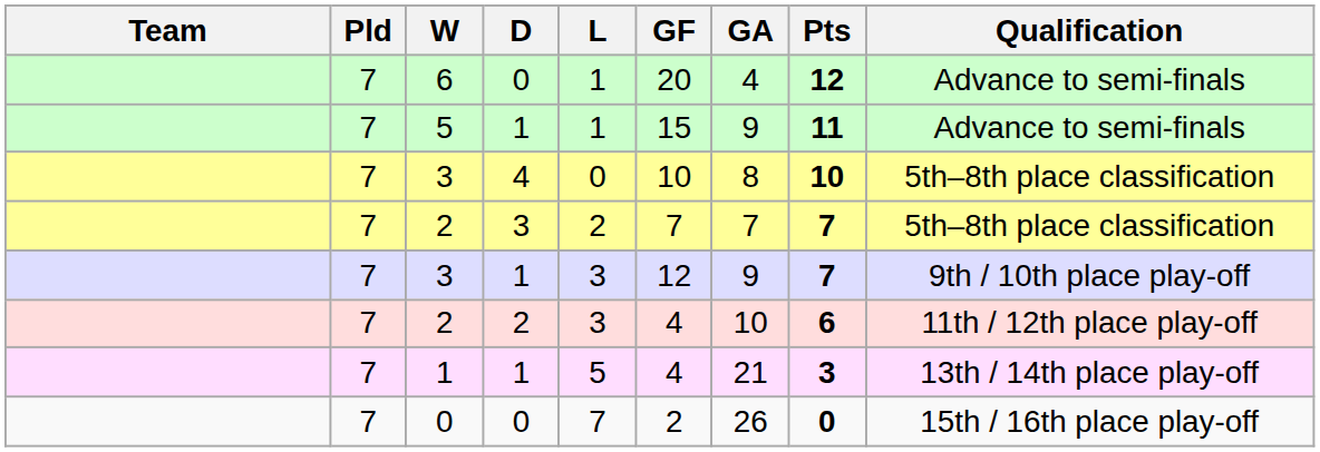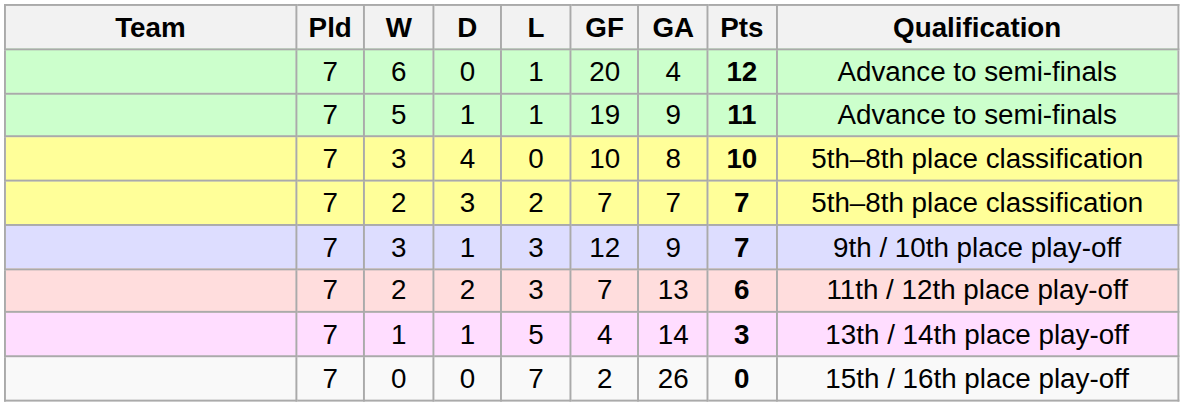 <table class="wikitable" style="text-align:center; font-size:90%">
 <tr>
 <th style="width:10em">Team</th>
 <th style="width:2em">Pld</th>
 <th style="width:2em">W</th>
 <th style="width:2em">D</th>
 <th style="width:2em">L</th>
 <th style="width:2em">GF</th>
 <th style="width:2em">GA</th>
 <th style="width:2em">Pts</th>
 <th style="width:14em">Qualification</th>
 </tr>
 <tr style="background:#ccffcc;">
 <td align=left></td>
 <td>7</td>
 <td>6</td>
 <td>0</td>
 <td>1</td>
 <td>20</td>
 <td>4</td>
 <td><strong>12</strong></td>
 <td>Advance to semi-finals</td>
 </tr>
 <tr style="background:#ccffcc;">
 <td align=left></td>
 <td>7</td>
 <td>5</td>
 <td>1</td>
 <td>1</td>
-<td>15</td>
+<td>19</td>
 <td>9</td>
 <td><strong>11</strong></td>
 <td>Advance to semi-finals</td>
 </tr>
 <tr style="background:#ffff99;">
 <td align=left></td>
 <td>7</td>
 <td>3</td>
 <td>4</td>
 <td>0</td>
 <td>10</td>
 <td>8</td>
 <td><strong>10</strong></td>
 <td>5th–8th place classification</td>
 </tr>
 <tr style="background:#ffff99;">
 <td align=left></td>
 <td>7</td>
 <td>2</td>
 <td>3</td>
 <td>2</td>
 <td>7</td>
 <td>7</td>
 <td><strong>7</strong></td>
 <td>5th–8th place classification</td>
 </tr>
 <tr style="background:#DDDDFF;">
 <td align=left></td>
 <td>7</td>
 <td>3</td>
 <td>1</td>
 <td>3</td>
 <td>12</td>
 <td>9</td>
 <td><strong>7</strong></td>
 <td>9th / 10th place play-off</td>
 </tr>
 <tr style="background:#FFDDDD;">
 <td align=left></td>
 <td>7</td>
 <td>2</td>
 <td>2</td>
 <td>3</td>
-<td>4</td>
-<td>10</td>
+<td>7</td>
+<td>13</td>
 <td><strong>6</strong></td>
 <td>11th / 12th place play-off</td>
 </tr>
 <tr style="background:#FFDDFF;">
 <td align=left></td>
 <td>7</td>
 <td>1</td>
 <td>1</td>
 <td>5</td>
 <td>4</td>
-<td>21</td>
+<td>14</td>
 <td><strong>3</strong></td>
 <td>13th / 14th place play-off</td>
 </tr>
 <tr>
 <td align=left></td>
 <td>7</td>
 <td>0</td>
 <td>0</td>
 <td>7</td>
 <td>2</td>
 <td>26</td>
 <td><strong>0</strong></td>
 <td>15th / 16th place play-off</td>
 </tr>
 </table>
